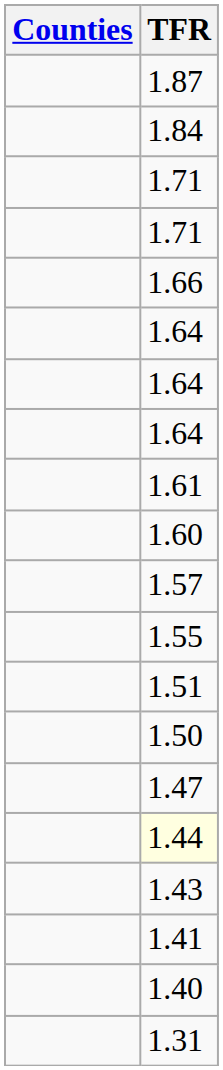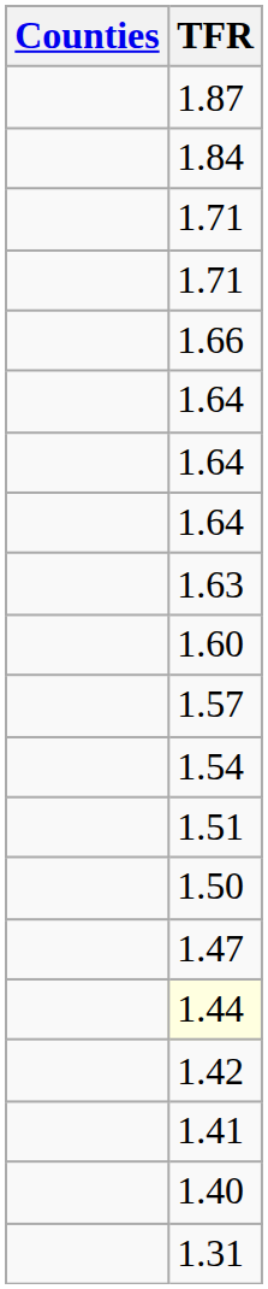 <table class="wikitable sortable">
 <tr>
 <th><a href='#'>Counties</a></th>
 <th>TFR</th>
 </tr>
 <tr>
 <td></td>
 <td>1.87</td>
 </tr>
 <tr>
 <td></td>
 <td>1.84</td>
 </tr>
 <tr>
 <td></td>
 <td>1.71</td>
 </tr>
 <tr>
 <td></td>
 <td>1.71</td>
 </tr>
 <tr>
 <td></td>
 <td>1.66</td>
 </tr>
 <tr>
 <td></td>
 <td>1.64</td>
 </tr>
 <tr>
 <td></td>
 <td>1.64</td>
 </tr>
 <tr>
 <td></td>
 <td>1.64</td>
 </tr>
 <tr>
 <td></td>
-<td>1.61</td>
+<td>1.63</td>
 </tr>
 <tr>
 <td></td>
 <td>1.60</td>
 </tr>
 <tr>
 <td></td>
 <td>1.57</td>
 </tr>
 <tr>
 <td></td>
-<td>1.55</td>
+<td>1.54</td>
 </tr>
 <tr>
 <td></td>
 <td>1.51</td>
 </tr>
 <tr>
 <td></td>
 <td>1.50</td>
 </tr>
 <tr>
 <td></td>
 <td>1.47</td>
 </tr>
 <tr>
 <td></td>
 <td style="background: lightyellow;">1.44</td>
 </tr>
 <tr>
 <td></td>
-<td>1.43</td>
+<td>1.42</td>
 </tr>
 <tr>
 <td></td>
 <td>1.41</td>
 </tr>
 <tr>
 <td></td>
 <td>1.40</td>
 </tr>
 <tr>
 <td></td>
 <td>1.31</td>
 </tr>
 </table>
